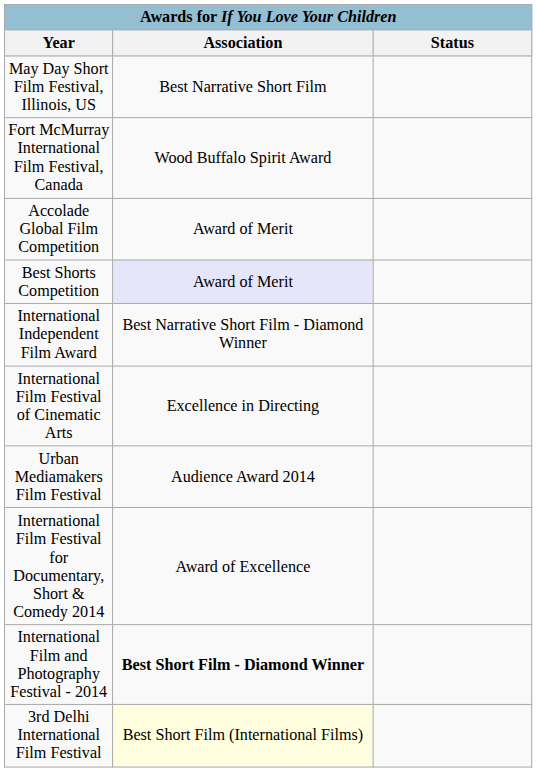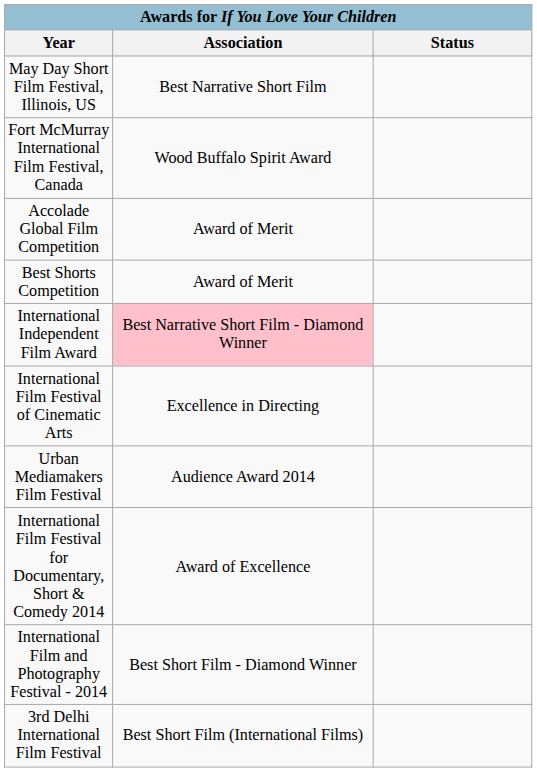 <table class="wikitable" style="text-align: center">
 <tr ---- bgcolor="#94bfd3">
 <td colspan=4 align=center><strong>Awards for <em>If You Love Your Children<strong><em></td>
 </tr>
 <tr ---- bgcolor="#94bfd3">
 <th width="100"></strong>Year<strong></th>
 <th width="250"></strong>Association<strong></th>
 <th width="150"></strong>Status<strong></th>
 </tr>
 <tr>
 <td>May Day Short Film Festival, Illinois, US</td>
 <td>Best Narrative Short Film</td>
 <td></td>
 </tr>
 <tr>
 <td>Fort McMurray International Film Festival, Canada</td>
 <td>Wood Buffalo Spirit Award</td>
 <td></td>
 </tr>
 <tr>
 <td>Accolade Global Film Competition</td>
 <td>Award of Merit</td>
 <td></td>
 </tr>
 <tr>
 <td>Best Shorts Competition</td>
-<td style="background: lavender;">Award of Merit</td>
+<td>Award of Merit</td>
 <td></td>
 </tr>
 <tr>
 <td>International Independent Film Award</td>
-<td>Best Narrative Short Film - Diamond Winner</td>
+<td style="background: pink;">Best Narrative Short Film - Diamond Winner</td>
 <td></td>
 </tr>
 <tr>
 <td>International Film Festival of Cinematic Arts</td>
 <td>Excellence in Directing</td>
 <td></td>
 </tr>
 <tr>
 <td>Urban Mediamakers Film Festival</td>
 <td>Audience Award 2014</td>
 <td></td>
 </tr>
 <tr>
 <td>International Film Festival for Documentary, Short & Comedy 2014</td>
 <td>Award of Excellence</td>
 <td></td>
 </tr>
 <tr>
 <td>International Film and Photography Festival - 2014</td>
-<td><strong>Best Short Film - Diamond Winner</strong></td>
+<td>Best Short Film - Diamond Winner</td>
 <td></td>
 </tr>
 <tr>
 <td>3rd Delhi International Film Festival</td>
-<td style="background: lightyellow;">Best Short Film (International Films)</td>
+<td>Best Short Film (International Films)</td>
 <td></td>
 </tr>
 </table>
